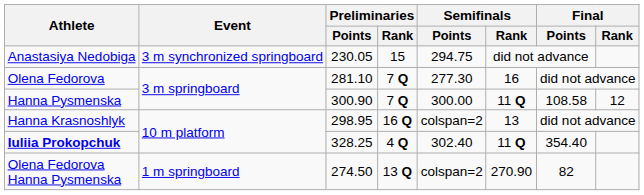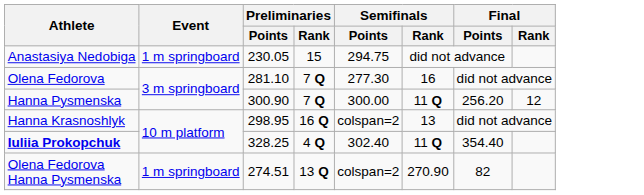 <table class=wikitable style="font-size:90%;">
 <tr>
 <th rowspan="2">Athlete</th>
 <th rowspan="2">Event</th>
 <th colspan="2">Preliminaries</th>
 <th colspan="2">Semifinals</th>
 <th colspan="2">Final</th>
 </tr>
 <tr style="font-size:95%">
 <th>Points</th>
 <th>Rank</th>
 <th>Points</th>
 <th>Rank</th>
 <th>Points</th>
 <th>Rank</th>
 </tr>
 <tr align=center>
 <td align=left><a href='#'>Anastasiya Nedobiga</a></td>
-<td align=left><a href='#'>3 m synchronized springboard</a></td>
+<td align=left><a href='#'>1 m springboard</a></td>
 <td>230.05</td>
 <td>15</td>
 <td>294.75</td>
 <td colspan=2>did not advance</td>
 </tr>
 <tr align=center>
 <td align=left><a href='#'>Olena Fedorova</a></td>
 <td align=left rowspan=2><a href='#'>3 m springboard</a></td>
 <td>281.10</td>
 <td>7 <strong>Q</strong></td>
 <td>277.30</td>
 <td>16</td>
 <td colspan=2>did not advance</td>
 </tr>
 <tr align=center>
 <td align=left><a href='#'>Hanna Pysmenska</a></td>
 <td>300.90</td>
 <td>7 <strong>Q</strong></td>
 <td>300.00</td>
 <td>11 <strong>Q</strong></td>
-<td>108.58</td>
+<td>256.20</td>
 <td>12</td>
 </tr>
 <tr align=center>
 <td align=left><a href='#'>Hanna Krasnoshlyk</a></td>
 <td align=left rowspan=2><a href='#'>10 m platform</a></td>
 <td>298.95</td>
 <td>16 <strong>Q</strong></td>
 <td>colspan=2 </td>
 <td>13</td>
 <td colspan=2>did not advance</td>
 </tr>
 <tr align=center>
 <td align=left><strong><a href='#'>Iuliia Prokopchuk</a></strong></td>
 <td>328.25</td>
 <td>4 <strong>Q</strong></td>
 <td>302.40</td>
 <td>11 <strong>Q</strong></td>
 <td>354.40</td>
 <td></td>
 </tr>
 <tr align=center>
 <td align=left><a href='#'>Olena Fedorova</a><br><a href='#'>Hanna Pysmenska</a></td>
 <td align=left><a href='#'>1 m springboard</a></td>
-<td>274.50</td>
+<td>274.51</td>
 <td>13 <strong>Q</strong></td>
 <td>colspan=2 </td>
 <td>270.90</td>
 <td>82</td>
 </tr>
 </table>
